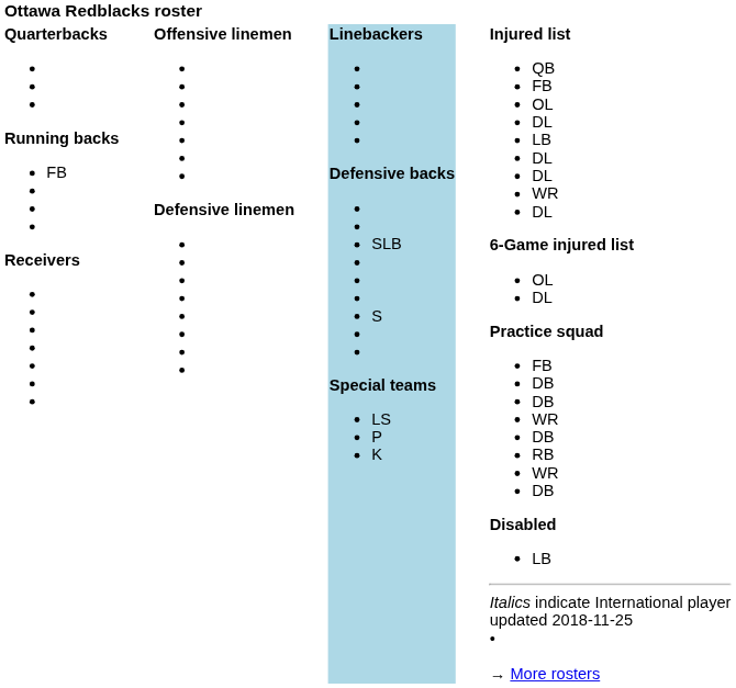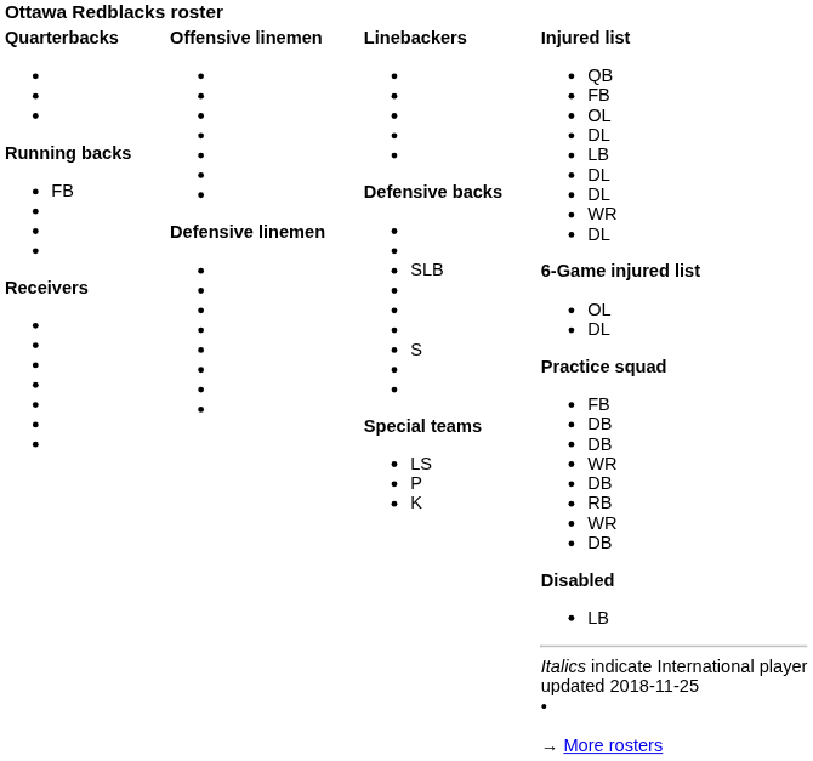 <table class="toccolours" style="text-align: left;">
 <tr>
 <th colspan="9">Ottawa Redblacks roster</th>
 </tr>
 <tr>
 <td style="font-size: 95%;vertical-align:top;"><strong>Quarterbacks</strong><br><ul><li></li><li></li><li></li></ul><strong>Running backs</strong><ul><li> FB</li><li></li><li></li><li></li></ul><strong>Receivers</strong><ul><li></li><li></li><li></li><li></li><li></li><li></li><li></li></ul></td>
 <td style="width: 25px;"></td>
 <td style="font-size: 95%;vertical-align:top;"><strong>Offensive linemen</strong><br><ul><li></li><li></li><li></li><li></li><li></li><li></li><li></li></ul><strong>Defensive linemen</strong><ul><li></li><li></li><li></li><li></li><li></li><li></li><li></li><li></li></ul></td>
 <td style="width: 25px;"></td>
-<td style="background: lightblue; font-size: 95%;vertical-align:top;"><strong>Linebackers </strong><br><ul><li></li><li></li><li></li><li></li><li></li></ul><strong>Defensive backs</strong><ul><li></li><li></li><li> SLB</li><li></li><li></li><li></li><li> S</li><li></li><li></li></ul><strong>Special teams</strong><ul><li> LS</li><li> P</li><li> K</li></ul></td>
+<td style="font-size: 95%;vertical-align:top;"><strong>Linebackers </strong><br><ul><li></li><li></li><li></li><li></li><li></li></ul><strong>Defensive backs</strong><ul><li></li><li></li><li> SLB</li><li></li><li></li><li></li><li> S</li><li></li><li></li></ul><strong>Special teams</strong><ul><li> LS</li><li> P</li><li> K</li></ul></td>
 <td style="width: 25px;"></td>
 <td style="font-size: 95%;vertical-align:top;"><strong>Injured list</strong><br><ul><li> QB</li><li> FB</li><li> OL</li><li> DL</li><li> LB</li><li> DL</li><li> DL</li><li> WR</li><li> DL</li></ul><strong>6-Game injured list</strong><ul><li> OL</li><li> DL</li></ul><strong>Practice squad</strong><ul><li> FB</li><li> DB</li><li> DB</li><li> WR</li><li> DB</li><li> RB</li><li> WR</li><li> DB</li></ul><strong>Disabled</strong><ul><li> LB</li></ul><hr> <em>Italics</em> indicate International player<br> <span></span> updated 2018-11-25<br> <span></span> • <span></span><br> <br>→ <a href='#'>More rosters</a></td>
 </tr>
 <tr>
 </tr>
 </table>
